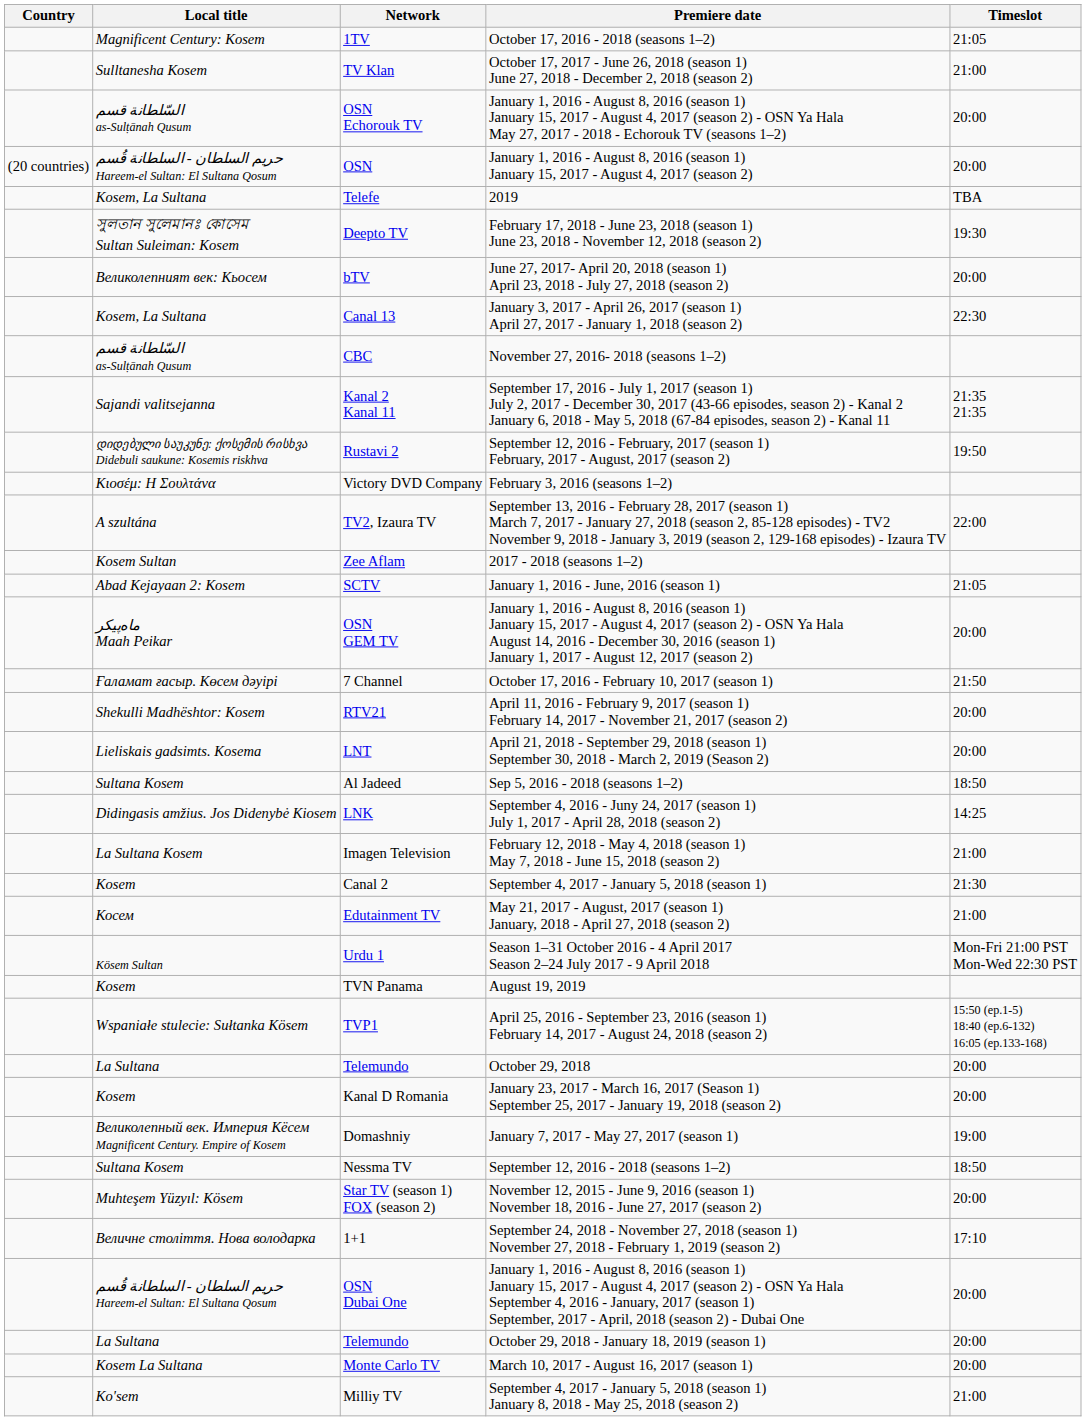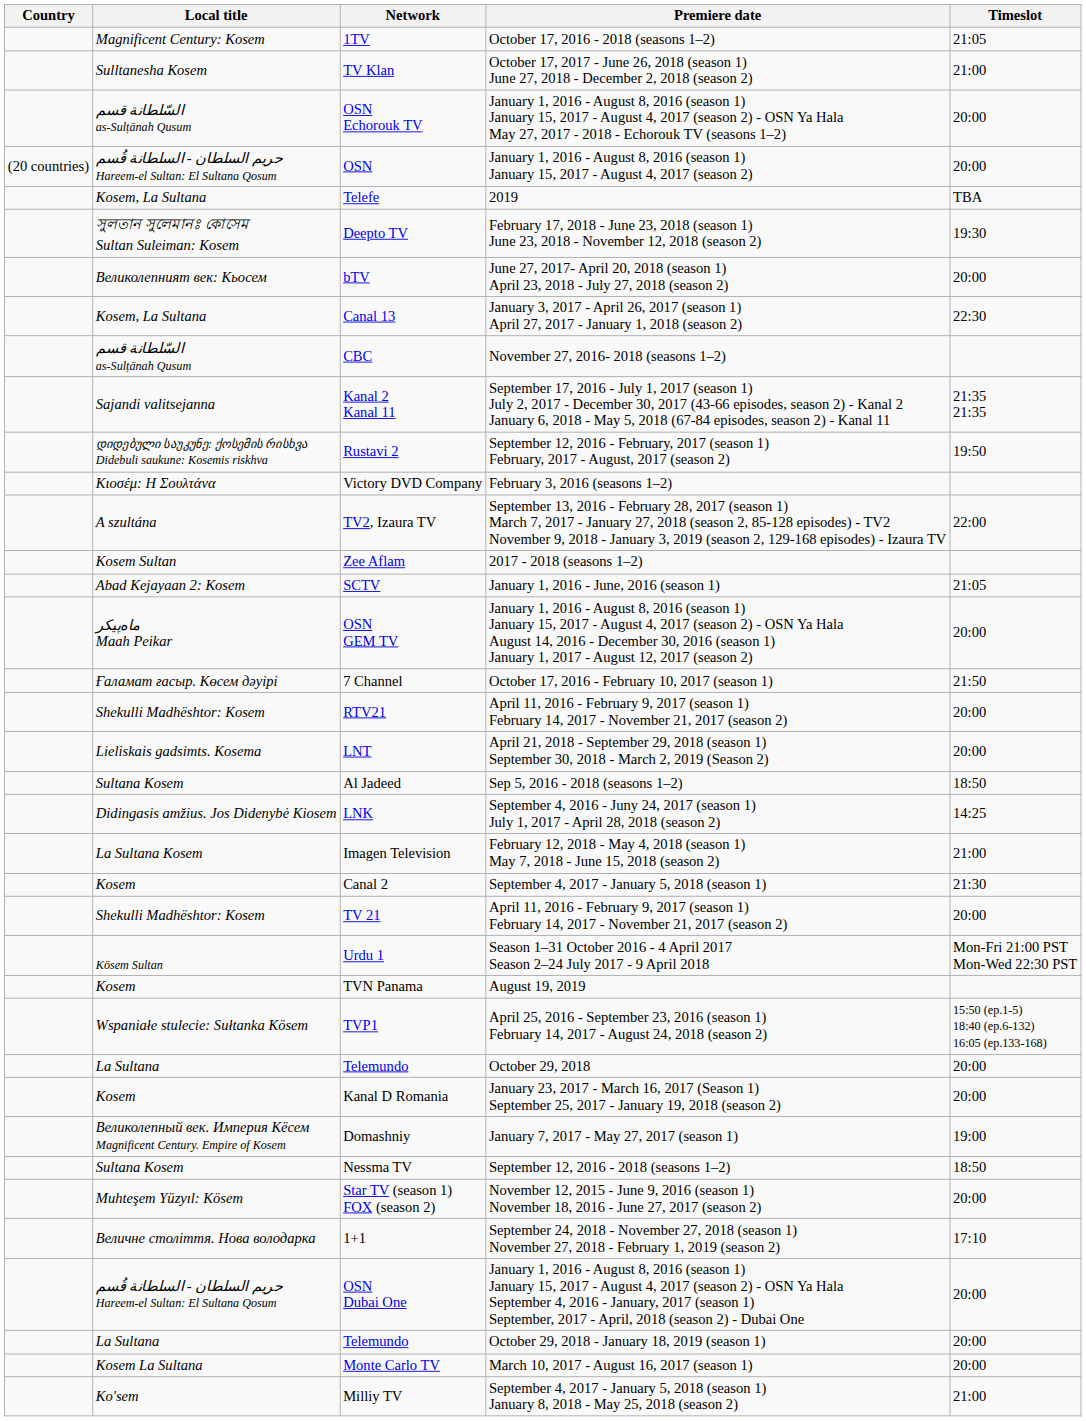 <table class="wikitable">
 <tr>
 <th>Country</th>
 <th>Local title</th>
 <th>Network</th>
 <th>Premiere date</th>
 <th>Timeslot</th>
 </tr>
 <tr>
 <td></td>
 <td><em>Magnificent Century: Kosem</em></td>
 <td><a href='#'>1TV</a></td>
 <td>October 17, 2016 - 2018 (seasons 1–2)</td>
 <td>21:05</td>
 </tr>
 <tr>
 <td></td>
 <td><em>Sulltanesha Kosem</em></td>
 <td><a href='#'>TV Klan</a></td>
 <td>October 17, 2017 - June 26, 2018 (season 1)<br>June 27, 2018 - December 2, 2018 (season 2)</td>
 <td>21:00</td>
 </tr>
 <tr>
 <td></td>
 <td><em>السّلطانة قسم</em><br><small><em>as-Sulṭānah Qusum</em></small></td>
 <td><a href='#'>OSN</a><br><a href='#'>Echorouk TV</a></td>
 <td>January 1, 2016 - August 8, 2016 (season 1)<br>January 15, 2017 - August 4, 2017 (season 2) - OSN Ya Hala<br>May 27, 2017 - 2018 - Echorouk TV (seasons 1–2)</td>
 <td>20:00</td>
 </tr>
 <tr>
 <td> (20 countries)</td>
 <td><em>حريم السلطان - السلطانة قُسم</em><br><small><em>Hareem-el Sultan: El Sultana Qosum</em></small></td>
 <td><a href='#'>OSN</a></td>
 <td>January 1, 2016 - August 8, 2016 (season 1)<br>January 15, 2017 - August 4, 2017 (season 2)</td>
 <td>20:00</td>
 </tr>
 <tr>
 <td></td>
 <td><em>Kosem, La Sultana</em></td>
 <td><a href='#'>Telefe</a></td>
 <td>2019</td>
 <td>TBA</td>
 </tr>
 <tr>
 <td></td>
 <td><em>সুলতান সুলেমানঃ কোসেম<br>Sultan Suleiman: Kosem</em></td>
 <td><a href='#'>Deepto TV</a></td>
 <td>February 17, 2018 - June 23, 2018 (season 1)<br>June 23, 2018 - November 12, 2018 (season 2)</td>
 <td>19:30</td>
 </tr>
 <tr>
 <td></td>
 <td><em>Великолепният век: Кьосем</em></td>
 <td><a href='#'>bTV</a></td>
 <td>June 27, 2017- April 20, 2018 (season 1)<br>April 23, 2018 - July 27, 2018 (season 2)</td>
 <td>20:00</td>
 </tr>
 <tr>
 <td></td>
 <td><em>Kosem, La Sultana</em></td>
 <td><a href='#'>Canal 13</a></td>
 <td>January 3, 2017 - April 26, 2017 (season 1)<br>April 27, 2017 - January 1, 2018 (season 2)</td>
 <td>22:30</td>
 </tr>
 <tr>
 <td></td>
 <td><em>السّلطانة قسم</em><br><small><em>as-Sulṭānah Qusum</em></small></td>
 <td><a href='#'>CBC</a></td>
 <td>November 27, 2016- 2018 (seasons 1–2)</td>
 <td></td>
 </tr>
 <tr>
 <td></td>
 <td><em>Sajandi valitsejanna</em></td>
 <td><a href='#'>Kanal 2</a><br><a href='#'>Kanal 11</a></td>
 <td>September 17, 2016 - July 1, 2017 (season 1)<br>July 2, 2017 - December 30, 2017 (43-66 episodes, season 2) - Kanal 2<br>January 6, 2018 - May 5, 2018 (67-84 episodes, season 2) - Kanal 11</td>
 <td>21:35<br>21:35</td>
 </tr>
 <tr>
 <td></td>
 <td><small><em>დიდებული საუკუნე: ქოსემის რისხვა</em></small><br><small><em>Didebuli saukune: Kosemis riskhva</em></small></td>
 <td><a href='#'>Rustavi 2</a></td>
 <td>September 12, 2016 - February, 2017 (season 1)<br>February, 2017 - August, 2017 (season 2)</td>
 <td>19:50</td>
 </tr>
 <tr>
 <td></td>
 <td><em>Κιοσέμ: Η Σουλτάνα</em></td>
 <td>Victory DVD Company</td>
 <td>February 3, 2016 (seasons 1–2)</td>
 <td></td>
 </tr>
 <tr>
 <td></td>
 <td><em>A szultána</em></td>
 <td><a href='#'>TV2</a>, Izaura TV</td>
 <td>September 13, 2016 - February 28, 2017 (season 1)<br>March 7, 2017 - January 27, 2018 (season 2, 85-128 episodes) - TV2<br>November 9, 2018 - January 3, 2019 (season 2, 129-168 episodes) - Izaura TV</td>
 <td>22:00</td>
 </tr>
 <tr>
 <td></td>
 <td><em>Kosem Sultan</em></td>
 <td><a href='#'>Zee Aflam</a></td>
 <td>2017 - 2018 (seasons 1–2)</td>
 <td></td>
 </tr>
 <tr>
 <td></td>
 <td><em>Abad Kejayaan 2: Kosem</em></td>
 <td><a href='#'>SCTV</a></td>
 <td>January 1, 2016 - June, 2016 (season 1)</td>
 <td>21:05</td>
 </tr>
 <tr>
 <td></td>
 <td><em>ماه‌پیکر</em><br><em>Maah Peikar</em></td>
 <td><a href='#'>OSN</a><br><a href='#'>GEM TV</a></td>
 <td>January 1, 2016 - August 8, 2016 (season 1)<br>January 15, 2017 - August 4, 2017 (season 2) - OSN Ya Hala<br>August 14, 2016 - December 30, 2016 (season 1)<br>January 1, 2017 - August 12, 2017 (season 2)</td>
 <td>20:00</td>
 </tr>
 <tr>
 <td></td>
 <td><em>Ғаламат ғасыр. Көсем дәуірі</em></td>
 <td>7 Channel</td>
 <td>October 17, 2016 - February 10, 2017 (season 1)</td>
 <td>21:50</td>
 </tr>
 <tr>
 <td></td>
 <td><em>Shekulli Madhёshtor: Kosem</em></td>
 <td><a href='#'>RTV21</a></td>
 <td>April 11, 2016 - February 9, 2017 (season 1)<br>February 14, 2017 - November 21, 2017 (season 2)</td>
 <td>20:00</td>
 </tr>
 <tr>
 <td></td>
 <td><em>Lieliskais gadsimts. Kosema</em></td>
 <td><a href='#'>LNT</a></td>
 <td>April 21, 2018 - September 29, 2018 (season 1)<br>September 30, 2018 - March 2, 2019 (Season 2)</td>
 <td>20:00</td>
 </tr>
 <tr>
 <td></td>
 <td><em>Sultana Kosem</em></td>
 <td>Al Jadeed</td>
 <td>Sep 5, 2016 - 2018 (seasons 1–2)</td>
 <td>18:50</td>
 </tr>
 <tr>
 <td></td>
 <td><em>Didingasis amžius. Jos Didenybė Kiosem</em></td>
 <td><a href='#'>LNK</a></td>
 <td>September 4, 2016 - Juny 24, 2017 (season 1)<br>July 1, 2017 - April 28, 2018 (season 2)</td>
 <td>14:25</td>
 </tr>
 <tr>
 <td></td>
 <td><em>La Sultana Kosem</em></td>
 <td>Imagen Television</td>
 <td>February 12, 2018 - May 4, 2018 (season 1)<br>May 7, 2018 - June 15, 2018 (season 2)</td>
 <td>21:00</td>
 </tr>
 <tr>
 <td></td>
 <td><em>Kosem</em></td>
 <td>Canal 2</td>
 <td>September 4, 2017 - January 5, 2018 (season 1)</td>
 <td>21:30</td>
 </tr>
 <tr>
 <td></td>
-<td><em>Косем</em></td>
-<td><a href='#'>Edutainment TV</a></td>
-<td>May 21, 2017 - August, 2017 (season 1)<br>January, 2018 - April 27, 2018 (season 2)</td>
-<td>21:00</td>
+<td><em>Shekulli Madhёshtor: Kosem</em></td>
+<td><a href='#'>TV 21</a></td>
+<td>April 11, 2016 - February 9, 2017 (season 1)<br>February 14, 2017 - November 21, 2017 (season 2)</td>
+<td>20:00</td>
 </tr>
 <tr>
 <td></td>
 <td><br><small><em>Kösem Sultan</em></small></td>
 <td><a href='#'>Urdu 1</a></td>
 <td>Season 1–31 October 2016 - 4 April 2017<br>Season 2–24 July 2017 - 9 April 2018</td>
 <td>Mon-Fri 21:00 PST<br>Mon-Wed 22:30 PST</td>
 </tr>
 <tr>
 <td></td>
 <td><em>Kosem</em></td>
 <td>TVN Panama</td>
 <td>August 19, 2019</td>
 <td></td>
 </tr>
 <tr>
 <td></td>
 <td><em>Wspaniałe stulecie: Sułtanka Kösem</em></td>
 <td><a href='#'>TVP1</a></td>
 <td>April 25, 2016 - September 23, 2016 (season 1) <br>February 14, 2017 - August 24, 2018 (season 2)</td>
 <td><small> 15:50 (ep.1-5) <br> 18:40 (ep.6-132) <br> 16:05 (ep.133-168)</small></td>
 </tr>
 <tr>
 <td></td>
 <td><em>La Sultana</em></td>
 <td><a href='#'>Telemundo</a></td>
 <td>October 29, 2018</td>
 <td>20:00</td>
 </tr>
 <tr>
 <td></td>
 <td><em>Kosem</em></td>
 <td>Kanal D Romania</td>
 <td>January 23, 2017 - March 16, 2017 (Season 1)<br>September 25, 2017 - January 19, 2018 (season 2)</td>
 <td>20:00</td>
 </tr>
 <tr>
 <td></td>
 <td><em>Великолепный век. Империя Кёсем</em><br><small><em>Magnificent Century. Empire of Kosem</em></small></td>
 <td>Domashniy</td>
 <td>January 7, 2017 - May 27, 2017 (season 1)</td>
 <td>19:00</td>
 </tr>
 <tr>
 <td></td>
 <td><em>Sultana Kosem</em></td>
 <td>Nessma TV</td>
 <td>September 12, 2016 - 2018 (seasons 1–2)</td>
 <td>18:50</td>
 </tr>
 <tr>
 <td></td>
 <td><em>Muhteşem Yüzyıl: Kösem</em></td>
 <td><a href='#'>Star TV</a> (season 1)<br><a href='#'>FOX</a> (season 2)</td>
 <td>November 12, 2015 - June 9, 2016 (season 1) <br>November 18, 2016 - June 27, 2017 (season 2)</td>
 <td>20:00</td>
 </tr>
 <tr>
 <td></td>
 <td><em>Величне століття. Нова володарка</em></td>
 <td>1+1</td>
 <td>September 24, 2018 - November 27, 2018 (season 1)<br>November 27, 2018 - February 1, 2019  (season 2)</td>
 <td>17:10</td>
 </tr>
 <tr>
 <td></td>
 <td><em>حريم السلطان - السلطانة قُسم</em><br><small><em>Hareem-el Sultan: El Sultana Qosum</em></small></td>
 <td><a href='#'>OSN</a><br><a href='#'>Dubai One</a></td>
 <td>January 1, 2016 - August 8, 2016 (season 1)<br>January 15, 2017 - August 4, 2017 (season 2) - OSN Ya Hala<br>September 4, 2016 - January, 2017 (season 1)<br>September, 2017 - April, 2018 (season 2) - Dubai One</td>
 <td>20:00</td>
 </tr>
 <tr>
 <td></td>
 <td><em>La Sultana</em></td>
 <td><a href='#'>Telemundo</a></td>
 <td>October 29, 2018 - January 18, 2019 (season 1)</td>
 <td>20:00</td>
 </tr>
 <tr>
 <td></td>
 <td><em>Kosem La Sultana</em></td>
 <td><a href='#'>Monte Carlo TV</a></td>
 <td>March 10, 2017 - August 16, 2017 (season 1)</td>
 <td>20:00</td>
 </tr>
 <tr>
 <td></td>
 <td><em>Ko'sem</em></td>
 <td>Milliy TV</td>
 <td>September 4, 2017 - January 5, 2018 (season 1)<br>January 8, 2018 - May 25, 2018 (season 2)</td>
 <td>21:00</td>
 </tr>
 </table>
